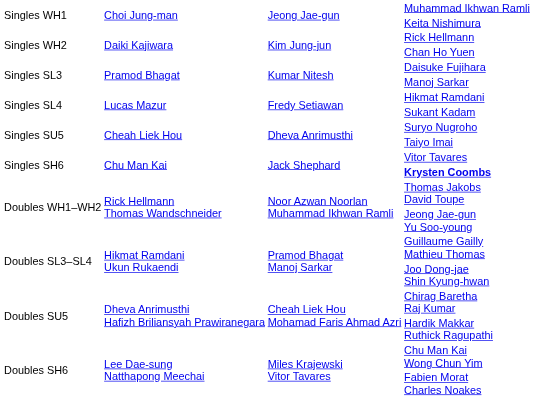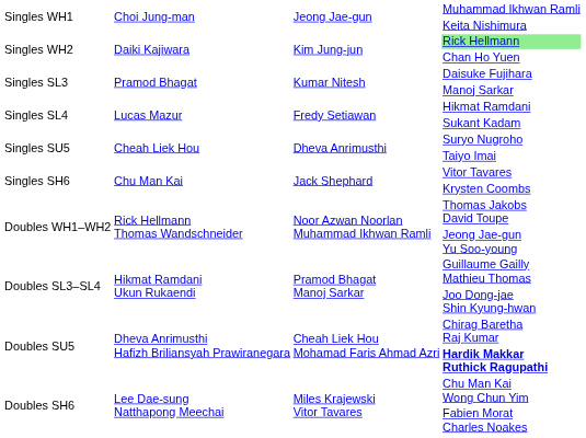 <table>
 <tr>
 <td rowspan="2">Singles WH1<br></td>
 <td rowspan="2"> <a href='#'>Choi Jung-man</a></td>
 <td rowspan="2"> <a href='#'>Jeong Jae-gun</a></td>
 <td> <a href='#'>Muhammad Ikhwan Ramli</a></td>
 </tr>
 <tr>
 <td> <a href='#'>Keita Nishimura</a></td>
 </tr>
 <tr>
 <td rowspan="2">Singles WH2<br></td>
 <td rowspan="2"> <a href='#'>Daiki Kajiwara</a></td>
 <td rowspan="2"> <a href='#'>Kim Jung-jun</a></td>
-<td> <a href='#'>Rick Hellmann</a></td>
+<td style="background: lightgreen;"> <a href='#'>Rick Hellmann</a></td>
 </tr>
 <tr>
 <td> <a href='#'>Chan Ho Yuen</a></td>
 </tr>
 <tr>
 <td rowspan="2">Singles SL3<br></td>
 <td rowspan="2"> <a href='#'>Pramod Bhagat</a></td>
 <td rowspan="2"> <a href='#'>Kumar Nitesh</a></td>
 <td> <a href='#'>Daisuke Fujihara</a></td>
 </tr>
 <tr>
 <td> <a href='#'>Manoj Sarkar</a></td>
 </tr>
 <tr>
 <td rowspan="2">Singles SL4<br></td>
 <td rowspan="2"> <a href='#'>Lucas Mazur</a></td>
 <td rowspan="2"> <a href='#'>Fredy Setiawan</a></td>
 <td> <a href='#'>Hikmat Ramdani</a></td>
 </tr>
 <tr>
 <td> <a href='#'>Sukant Kadam</a></td>
 </tr>
 <tr>
 <td rowspan="2">Singles SU5<br></td>
 <td rowspan="2"> <a href='#'>Cheah Liek Hou</a></td>
 <td rowspan="2"> <a href='#'>Dheva Anrimusthi</a></td>
 <td> <a href='#'>Suryo Nugroho</a></td>
 </tr>
 <tr>
 <td> <a href='#'>Taiyo Imai</a></td>
 </tr>
 <tr>
 <td rowspan="2">Singles SH6<br></td>
 <td rowspan="2"> <a href='#'>Chu Man Kai</a></td>
 <td rowspan="2"> <a href='#'>Jack Shephard</a></td>
 <td> <a href='#'>Vitor Tavares</a></td>
 </tr>
 <tr>
-<td><strong> <a href='#'>Krysten Coombs</a></strong></td>
+<td> <a href='#'>Krysten Coombs</a></td>
 </tr>
 <tr>
 <td rowspan="2">Doubles WH1–WH2<br></td>
 <td rowspan="2"> <a href='#'>Rick Hellmann</a> <br> <a href='#'>Thomas Wandschneider</a></td>
 <td rowspan="2"> <a href='#'>Noor Azwan Noorlan</a> <br> <a href='#'>Muhammad Ikhwan Ramli</a></td>
 <td> <a href='#'>Thomas Jakobs</a> <br> <a href='#'>David Toupe</a></td>
 </tr>
 <tr>
 <td> <a href='#'>Jeong Jae-gun</a> <br> <a href='#'>Yu Soo-young</a></td>
 </tr>
 <tr>
 <td rowspan="2">Doubles SL3–SL4<br></td>
 <td rowspan="2"> <a href='#'>Hikmat Ramdani</a><br> <a href='#'>Ukun Rukaendi</a></td>
 <td rowspan="2"> <a href='#'>Pramod Bhagat</a><br> <a href='#'>Manoj Sarkar</a></td>
 <td> <a href='#'>Guillaume Gailly</a><br> <a href='#'>Mathieu Thomas</a></td>
 </tr>
 <tr>
 <td> <a href='#'>Joo Dong-jae</a><br> <a href='#'>Shin Kyung-hwan</a></td>
 </tr>
 <tr>
 <td rowspan="2">Doubles SU5<br></td>
 <td rowspan="2"> <a href='#'>Dheva Anrimusthi</a><br> <a href='#'>Hafizh Briliansyah Prawiranegara</a></td>
 <td rowspan="2"> <a href='#'>Cheah Liek Hou</a><br> <a href='#'>Mohamad Faris Ahmad Azri</a></td>
 <td> <a href='#'>Chirag Baretha</a><br> <a href='#'>Raj Kumar</a></td>
 </tr>
 <tr>
-<td> <a href='#'>Hardik Makkar</a><br> <a href='#'>Ruthick Ragupathi</a></td>
+<td><strong> <a href='#'>Hardik Makkar</a><br> <a href='#'>Ruthick Ragupathi</a></strong></td>
 </tr>
 <tr>
 <td rowspan="2">Doubles SH6<br></td>
 <td rowspan="2"> <a href='#'>Lee Dae-sung</a><br> <a href='#'>Natthapong Meechai</a></td>
 <td rowspan="2"> <a href='#'>Miles Krajewski</a><br> <a href='#'>Vitor Tavares</a></td>
 <td> <a href='#'>Chu Man Kai</a><br> <a href='#'>Wong Chun Yim</a></td>
 </tr>
 <tr>
 <td> <a href='#'>Fabien Morat</a><br> <a href='#'>Charles Noakes</a></td>
 </tr>
 </table>
